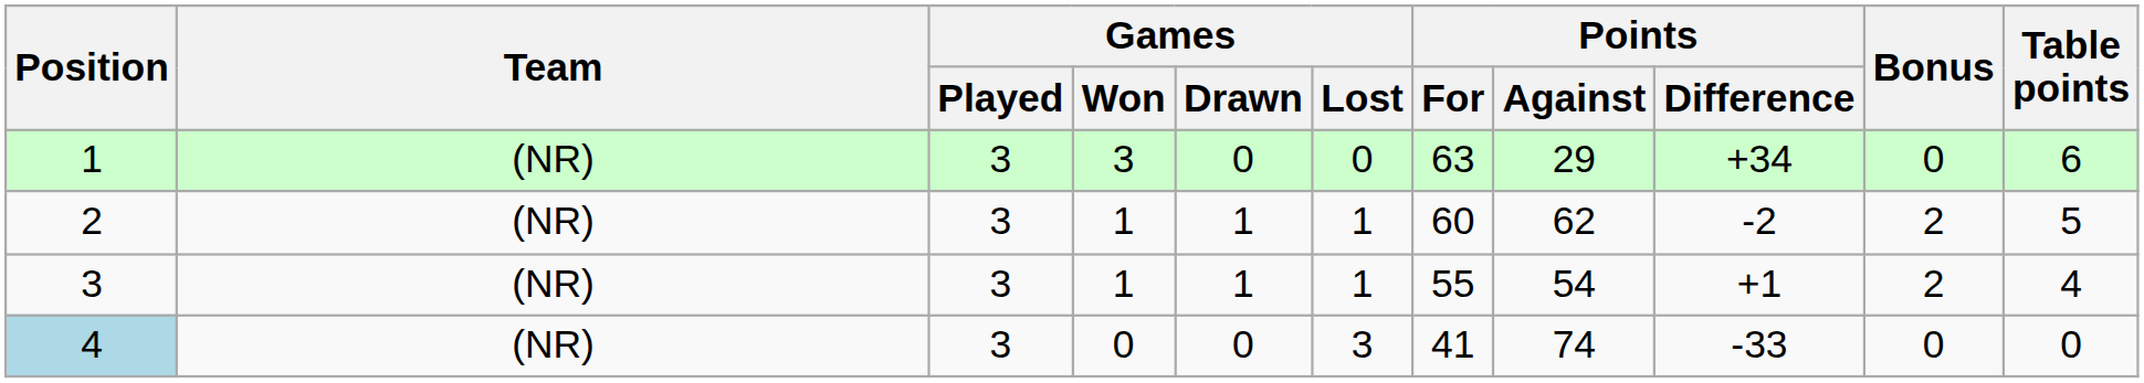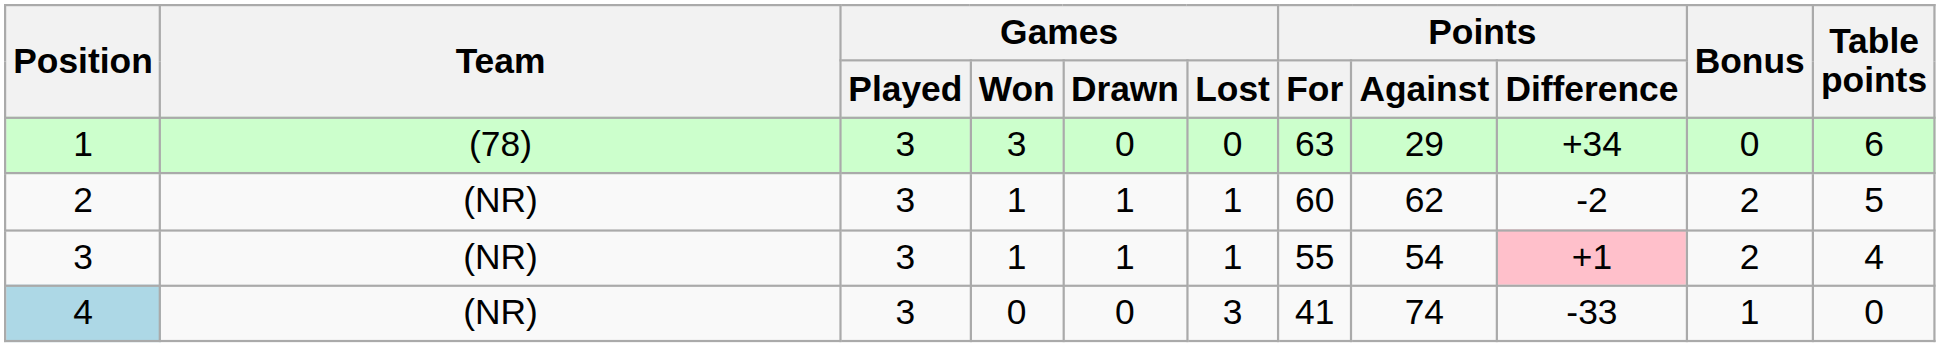 <table class="wikitable" style="text-align: center;">
 <tr>
 <th rowspan="2" width="20">Position</th>
 <th rowspan="2" width="300">Team</th>
 <th colspan="4">Games</th>
 <th colspan="3">Points</th>
 <th rowspan="2" width="20">Bonus</th>
 <th rowspan="2" width="20">Table points</th>
 </tr>
 <tr>
 <th width="20">Played</th>
 <th width="20">Won</th>
 <th width="20">Drawn</th>
 <th width="20">Lost</th>
 <th width="20">For</th>
 <th width="20">Against</th>
 <th width="20">Difference</th>
 </tr>
 <tr bgcolor="#ccffcc">
 <td>1</td>
-<td> (NR)</td>
+<td> (78)</td>
 <td>3</td>
 <td>3</td>
 <td>0</td>
 <td>0</td>
 <td>63</td>
 <td>29</td>
 <td>+34</td>
 <td>0</td>
 <td>6</td>
 </tr>
 <tr>
 <td>2</td>
 <td> (NR)</td>
 <td>3</td>
 <td>1</td>
 <td>1</td>
 <td>1</td>
 <td>60</td>
 <td>62</td>
 <td>-2</td>
 <td>2</td>
 <td>5</td>
 </tr>
 <tr>
 <td>3</td>
 <td> (NR)</td>
 <td>3</td>
 <td>1</td>
 <td>1</td>
 <td>1</td>
 <td>55</td>
 <td>54</td>
-<td>+1</td>
+<td style="background: pink;">+1</td>
 <td>2</td>
 <td>4</td>
 </tr>
 <tr>
 <td style="background: lightblue;">4</td>
 <td> (NR)</td>
 <td>3</td>
 <td>0</td>
 <td>0</td>
 <td>3</td>
 <td>41</td>
 <td>74</td>
 <td>-33</td>
-<td>0</td>
+<td>1</td>
 <td>0</td>
 </tr>
 </table>
